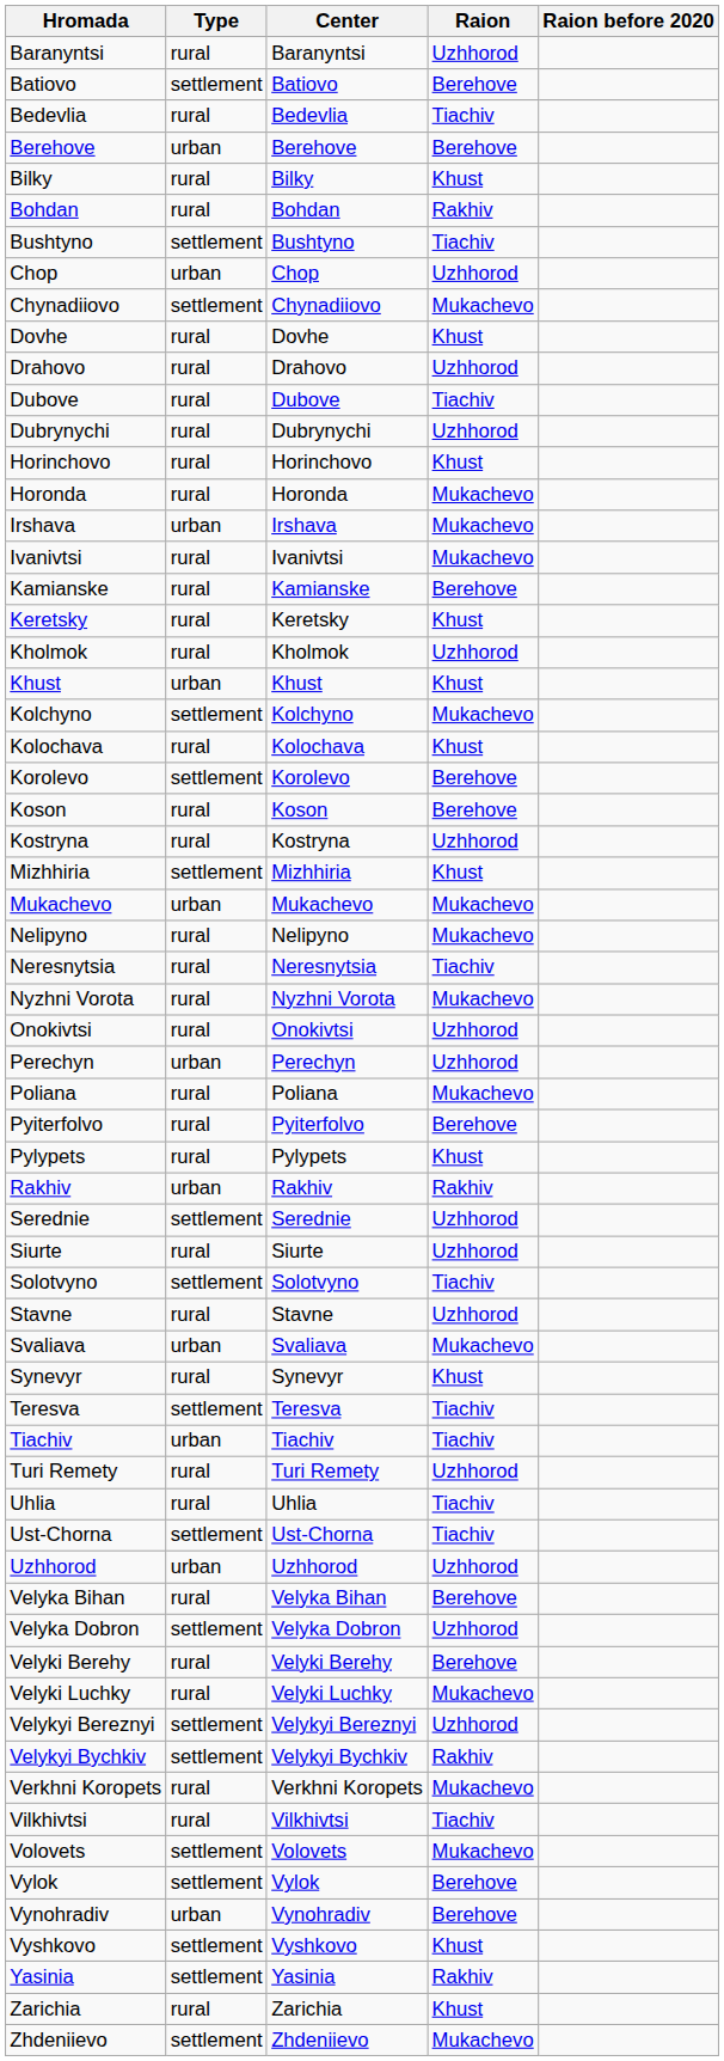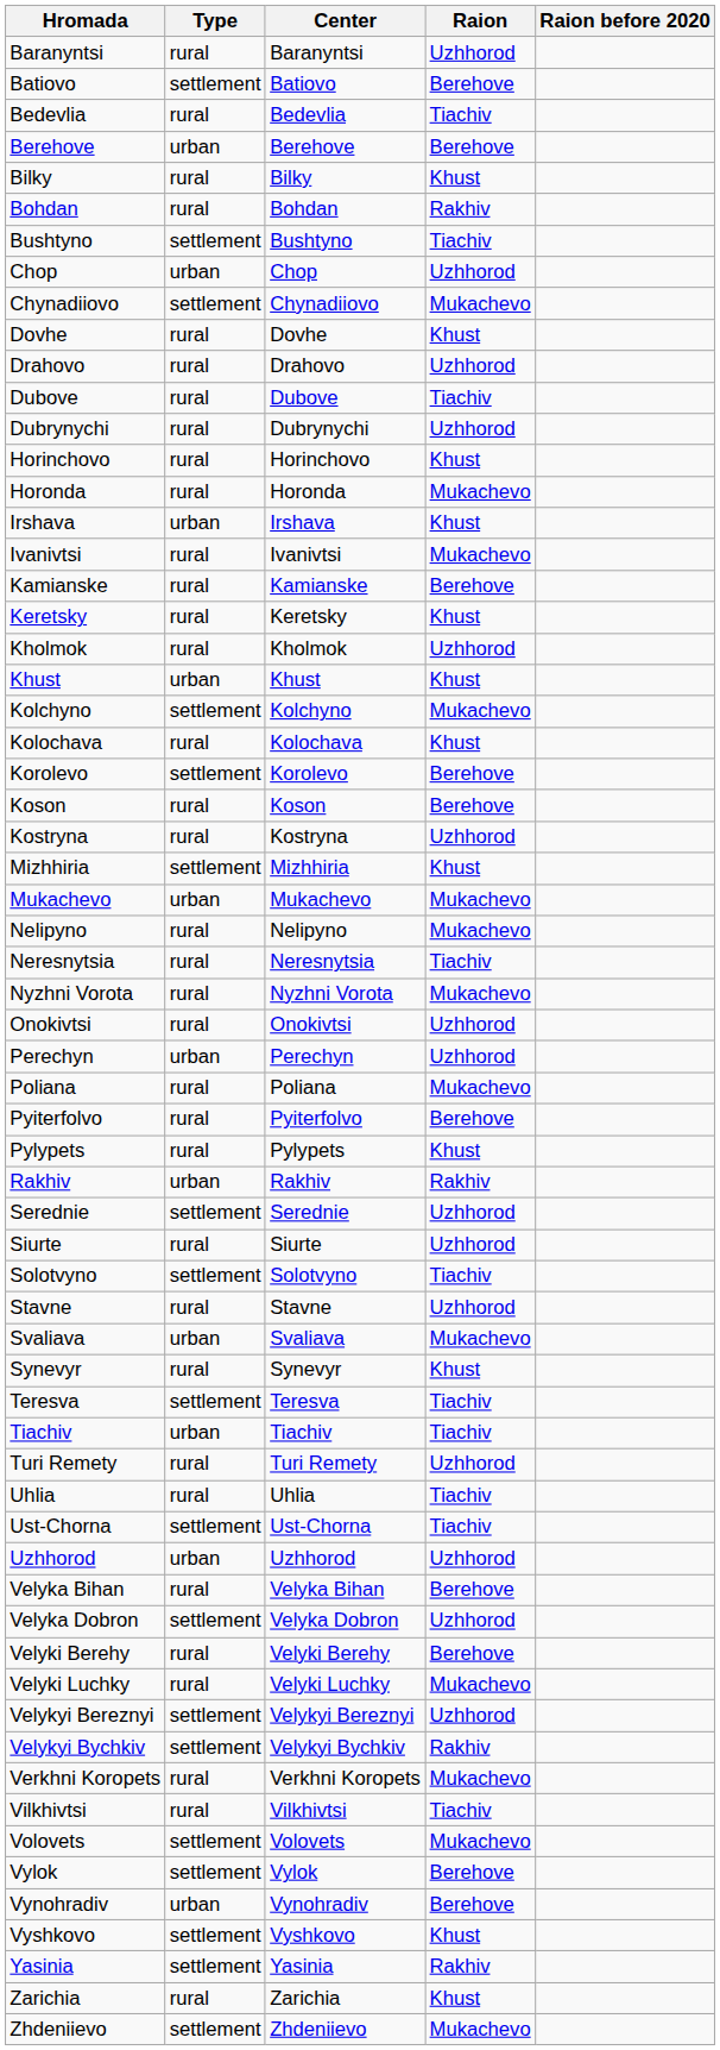 <table class='wikitable sortable'>
 <tr>
 <th>Hromada</th>
 <th>Type</th>
 <th>Center</th>
 <th>Raion</th>
 <th>Raion before 2020</th>
 </tr>
 <tr>
 <td>Baranyntsi</td>
 <td>rural</td>
 <td>Baranyntsi</td>
 <td><a href='#'>Uzhhorod</a></td>
 <td></td>
 </tr>
 <tr>
 <td>Batiovo</td>
 <td>settlement</td>
 <td><a href='#'>Batiovo</a></td>
 <td><a href='#'>Berehove</a></td>
 <td></td>
 </tr>
 <tr>
 <td>Bedevlia</td>
 <td>rural</td>
 <td><a href='#'>Bedevlia</a></td>
 <td><a href='#'>Tiachiv</a></td>
 <td></td>
 </tr>
 <tr>
 <td><a href='#'>Berehove</a></td>
 <td>urban</td>
 <td><a href='#'>Berehove</a></td>
 <td><a href='#'>Berehove</a></td>
 <td></td>
 </tr>
 <tr>
 <td>Bilky</td>
 <td>rural</td>
 <td><a href='#'>Bilky</a></td>
 <td><a href='#'>Khust</a></td>
 <td></td>
 </tr>
 <tr>
 <td><a href='#'>Bohdan</a></td>
 <td>rural</td>
 <td><a href='#'>Bohdan</a></td>
 <td><a href='#'>Rakhiv</a></td>
 <td></td>
 </tr>
 <tr>
 <td>Bushtyno</td>
 <td>settlement</td>
 <td><a href='#'>Bushtyno</a></td>
 <td><a href='#'>Tiachiv</a></td>
 <td></td>
 </tr>
 <tr>
 <td>Chop</td>
 <td>urban</td>
 <td><a href='#'>Chop</a></td>
 <td><a href='#'>Uzhhorod</a></td>
 <td></td>
 </tr>
 <tr>
 <td>Chynadiiovo</td>
 <td>settlement</td>
 <td><a href='#'>Chynadiiovo</a></td>
 <td><a href='#'>Mukachevo</a></td>
 <td></td>
 </tr>
 <tr>
 <td>Dovhe</td>
 <td>rural</td>
 <td>Dovhe</td>
 <td><a href='#'>Khust</a></td>
 <td></td>
 </tr>
 <tr>
 <td>Drahovo</td>
 <td>rural</td>
 <td>Drahovo</td>
 <td><a href='#'>Uzhhorod</a></td>
 <td></td>
 </tr>
 <tr>
 <td>Dubove</td>
 <td>rural</td>
 <td><a href='#'>Dubove</a></td>
 <td><a href='#'>Tiachiv</a></td>
 <td></td>
 </tr>
 <tr>
 <td>Dubrynychi</td>
 <td>rural</td>
 <td>Dubrynychi</td>
 <td><a href='#'>Uzhhorod</a></td>
 <td></td>
 </tr>
 <tr>
 <td>Horinchovo</td>
 <td>rural</td>
 <td>Horinchovo</td>
 <td><a href='#'>Khust</a></td>
 <td></td>
 </tr>
 <tr>
 <td>Horonda</td>
 <td>rural</td>
 <td>Horonda</td>
 <td><a href='#'>Mukachevo</a></td>
 <td></td>
 </tr>
 <tr>
 <td>Irshava</td>
 <td>urban</td>
 <td><a href='#'>Irshava</a></td>
-<td><a href='#'>Mukachevo</a></td>
+<td><a href='#'>Khust</a></td>
 <td></td>
 </tr>
 <tr>
 <td>Ivanivtsi</td>
 <td>rural</td>
 <td>Ivanivtsi</td>
 <td><a href='#'>Mukachevo</a></td>
 <td></td>
 </tr>
 <tr>
 <td>Kamianske</td>
 <td>rural</td>
 <td><a href='#'>Kamianske</a></td>
 <td><a href='#'>Berehove</a></td>
 <td></td>
 </tr>
 <tr>
 <td><a href='#'>Keretsky</a></td>
 <td>rural</td>
 <td>Keretsky</td>
 <td><a href='#'>Khust</a></td>
 <td></td>
 </tr>
 <tr>
 <td>Kholmok</td>
 <td>rural</td>
 <td>Kholmok</td>
 <td><a href='#'>Uzhhorod</a></td>
 <td></td>
 </tr>
 <tr>
 <td><a href='#'>Khust</a></td>
 <td>urban</td>
 <td><a href='#'>Khust</a></td>
 <td><a href='#'>Khust</a></td>
 <td></td>
 </tr>
 <tr>
 <td>Kolchyno</td>
 <td>settlement</td>
 <td><a href='#'>Kolchyno</a></td>
 <td><a href='#'>Mukachevo</a></td>
 <td></td>
 </tr>
 <tr>
 <td>Kolochava</td>
 <td>rural</td>
 <td><a href='#'>Kolochava</a></td>
 <td><a href='#'>Khust</a></td>
 <td></td>
 </tr>
 <tr>
 <td>Korolevo</td>
 <td>settlement</td>
 <td><a href='#'>Korolevo</a></td>
 <td><a href='#'>Berehove</a></td>
 <td></td>
 </tr>
 <tr>
 <td>Koson</td>
 <td>rural</td>
 <td><a href='#'>Koson</a></td>
 <td><a href='#'>Berehove</a></td>
 <td></td>
 </tr>
 <tr>
 <td>Kostryna</td>
 <td>rural</td>
 <td>Kostryna</td>
 <td><a href='#'>Uzhhorod</a></td>
 <td></td>
 </tr>
 <tr>
 <td>Mizhhiria</td>
 <td>settlement</td>
 <td><a href='#'>Mizhhiria</a></td>
 <td><a href='#'>Khust</a></td>
 <td></td>
 </tr>
 <tr>
 <td><a href='#'>Mukachevo</a></td>
 <td>urban</td>
 <td><a href='#'>Mukachevo</a></td>
 <td><a href='#'>Mukachevo</a></td>
 <td></td>
 </tr>
 <tr>
 <td>Nelipyno</td>
 <td>rural</td>
 <td>Nelipyno</td>
 <td><a href='#'>Mukachevo</a></td>
 <td></td>
 </tr>
 <tr>
 <td>Neresnytsia</td>
 <td>rural</td>
 <td><a href='#'>Neresnytsia</a></td>
 <td><a href='#'>Tiachiv</a></td>
 <td></td>
 </tr>
 <tr>
 <td>Nyzhni Vorota</td>
 <td>rural</td>
 <td><a href='#'>Nyzhni Vorota</a></td>
 <td><a href='#'>Mukachevo</a></td>
 <td></td>
 </tr>
 <tr>
 <td>Onokivtsi</td>
 <td>rural</td>
 <td><a href='#'>Onokivtsi</a></td>
 <td><a href='#'>Uzhhorod</a></td>
 <td></td>
 </tr>
 <tr>
 <td>Perechyn</td>
 <td>urban</td>
 <td><a href='#'>Perechyn</a></td>
 <td><a href='#'>Uzhhorod</a></td>
 <td></td>
 </tr>
 <tr>
 <td>Poliana</td>
 <td>rural</td>
 <td>Poliana</td>
 <td><a href='#'>Mukachevo</a></td>
 <td></td>
 </tr>
 <tr>
 <td>Pyiterfolvo</td>
 <td>rural</td>
 <td><a href='#'>Pyiterfolvo</a></td>
 <td><a href='#'>Berehove</a></td>
 <td></td>
 </tr>
 <tr>
 <td>Pylypets</td>
 <td>rural</td>
 <td>Pylypets</td>
 <td><a href='#'>Khust</a></td>
 <td></td>
 </tr>
 <tr>
 <td><a href='#'>Rakhiv</a></td>
 <td>urban</td>
 <td><a href='#'>Rakhiv</a></td>
 <td><a href='#'>Rakhiv</a></td>
 <td></td>
 </tr>
 <tr>
 <td>Serednie</td>
 <td>settlement</td>
 <td><a href='#'>Serednie</a></td>
 <td><a href='#'>Uzhhorod</a></td>
 <td></td>
 </tr>
 <tr>
 <td>Siurte</td>
 <td>rural</td>
 <td>Siurte</td>
 <td><a href='#'>Uzhhorod</a></td>
 <td></td>
 </tr>
 <tr>
 <td>Solotvyno</td>
 <td>settlement</td>
 <td><a href='#'>Solotvyno</a></td>
 <td><a href='#'>Tiachiv</a></td>
 <td></td>
 </tr>
 <tr>
 <td>Stavne</td>
 <td>rural</td>
 <td>Stavne</td>
 <td><a href='#'>Uzhhorod</a></td>
 <td></td>
 </tr>
 <tr>
 <td>Svaliava</td>
 <td>urban</td>
 <td><a href='#'>Svaliava</a></td>
 <td><a href='#'>Mukachevo</a></td>
 <td></td>
 </tr>
 <tr>
 <td>Synevyr</td>
 <td>rural</td>
 <td>Synevyr</td>
 <td><a href='#'>Khust</a></td>
 <td></td>
 </tr>
 <tr>
 <td>Teresva</td>
 <td>settlement</td>
 <td><a href='#'>Teresva</a></td>
 <td><a href='#'>Tiachiv</a></td>
 <td></td>
 </tr>
 <tr>
 <td><a href='#'>Tiachiv</a></td>
 <td>urban</td>
 <td><a href='#'>Tiachiv</a></td>
 <td><a href='#'>Tiachiv</a></td>
 <td></td>
 </tr>
 <tr>
 <td>Turi Remety</td>
 <td>rural</td>
 <td><a href='#'>Turi Remety</a></td>
 <td><a href='#'>Uzhhorod</a></td>
 <td></td>
 </tr>
 <tr>
 <td>Uhlia</td>
 <td>rural</td>
 <td>Uhlia</td>
 <td><a href='#'>Tiachiv</a></td>
 <td></td>
 </tr>
 <tr>
 <td>Ust-Chorna</td>
 <td>settlement</td>
 <td><a href='#'>Ust-Chorna</a></td>
 <td><a href='#'>Tiachiv</a></td>
 <td></td>
 </tr>
 <tr>
 <td><a href='#'>Uzhhorod</a></td>
 <td>urban</td>
 <td><a href='#'>Uzhhorod</a></td>
 <td><a href='#'>Uzhhorod</a></td>
 <td></td>
 </tr>
 <tr>
 <td>Velyka Bihan</td>
 <td>rural</td>
 <td><a href='#'>Velyka Bihan</a></td>
 <td><a href='#'>Berehove</a></td>
 <td></td>
 </tr>
 <tr>
 <td>Velyka Dobron</td>
 <td>settlement</td>
 <td><a href='#'>Velyka Dobron</a></td>
 <td><a href='#'>Uzhhorod</a></td>
 <td></td>
 </tr>
 <tr>
 <td>Velyki Berehy</td>
 <td>rural</td>
 <td><a href='#'>Velyki Berehy</a></td>
 <td><a href='#'>Berehove</a></td>
 <td></td>
 </tr>
 <tr>
 <td>Velyki Luchky</td>
 <td>rural</td>
 <td><a href='#'>Velyki Luchky</a></td>
 <td><a href='#'>Mukachevo</a></td>
 <td></td>
 </tr>
 <tr>
 <td>Velykyi Bereznyi</td>
 <td>settlement</td>
 <td><a href='#'>Velykyi Bereznyi</a></td>
 <td><a href='#'>Uzhhorod</a></td>
 <td></td>
 </tr>
 <tr>
 <td><a href='#'>Velykyi Bychkiv</a></td>
 <td>settlement</td>
 <td><a href='#'>Velykyi Bychkiv</a></td>
 <td><a href='#'>Rakhiv</a></td>
 <td></td>
 </tr>
 <tr>
 <td>Verkhni Koropets</td>
 <td>rural</td>
 <td>Verkhni Koropets</td>
 <td><a href='#'>Mukachevo</a></td>
 <td></td>
 </tr>
 <tr>
 <td>Vilkhivtsi</td>
 <td>rural</td>
 <td><a href='#'>Vilkhivtsi</a></td>
 <td><a href='#'>Tiachiv</a></td>
 <td></td>
 </tr>
 <tr>
 <td>Volovets</td>
 <td>settlement</td>
 <td><a href='#'>Volovets</a></td>
 <td><a href='#'>Mukachevo</a></td>
 <td></td>
 </tr>
 <tr>
 <td>Vylok</td>
 <td>settlement</td>
 <td><a href='#'>Vylok</a></td>
 <td><a href='#'>Berehove</a></td>
 <td></td>
 </tr>
 <tr>
 <td>Vynohradiv</td>
 <td>urban</td>
 <td><a href='#'>Vynohradiv</a></td>
 <td><a href='#'>Berehove</a></td>
 <td></td>
 </tr>
 <tr>
 <td>Vyshkovo</td>
 <td>settlement</td>
 <td><a href='#'>Vyshkovo</a></td>
 <td><a href='#'>Khust</a></td>
 <td></td>
 </tr>
 <tr>
 <td><a href='#'>Yasinia</a></td>
 <td>settlement</td>
 <td><a href='#'>Yasinia</a></td>
 <td><a href='#'>Rakhiv</a></td>
 <td></td>
 </tr>
 <tr>
 <td>Zarichia</td>
 <td>rural</td>
 <td>Zarichia</td>
 <td><a href='#'>Khust</a></td>
 <td></td>
 </tr>
 <tr>
 <td>Zhdeniievo</td>
 <td>settlement</td>
 <td><a href='#'>Zhdeniievo</a></td>
 <td><a href='#'>Mukachevo</a></td>
 <td></td>
 </tr>
 </table>
